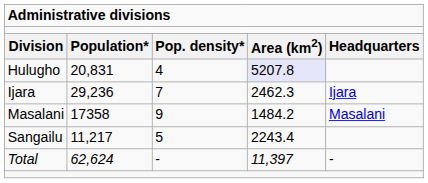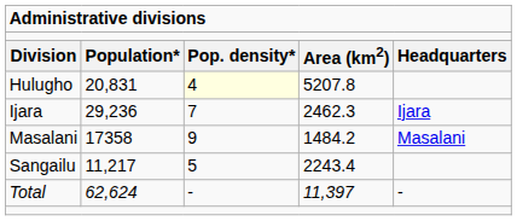 <table class="wikitable">
 <tr>
 <td colspan="5"><strong>Administrative divisions</strong></td>
 </tr>
 <tr>
 <td colspan="5"></td>
 </tr>
 <tr>
 <th>Division</th>
 <th>Population*</th>
 <th>Pop. density*</th>
 <th>Area (km<sup>2</sup>)</th>
 <th>Headquarters</th>
 </tr>
 <tr>
 <td>Hulugho</td>
 <td>20,831</td>
-<td>4</td>
-<td style="background: lavender;">5207.8</td>
+<td style="background: lightyellow;">4</td>
+<td>5207.8</td>
 <td></td>
 </tr>
 <tr>
 <td>Ijara</td>
 <td>29,236</td>
 <td>7</td>
 <td>2462.3</td>
 <td><a href='#'>Ijara</a></td>
 </tr>
 <tr>
 <td>Masalani</td>
 <td>17358</td>
 <td>9</td>
 <td>1484.2</td>
 <td><a href='#'>Masalani</a></td>
 </tr>
 <tr>
 <td>Sangailu</td>
 <td>11,217</td>
 <td>5</td>
 <td>2243.4</td>
 <td></td>
 </tr>
 <tr>
 <td><em>Total</em></td>
 <td><em>62,624</em></td>
 <td>-</td>
 <td><em>11,397</em></td>
 <td>-</td>
 </tr>
 <tr>
 <td colspan="5"></td>
 </tr>
 </table>
